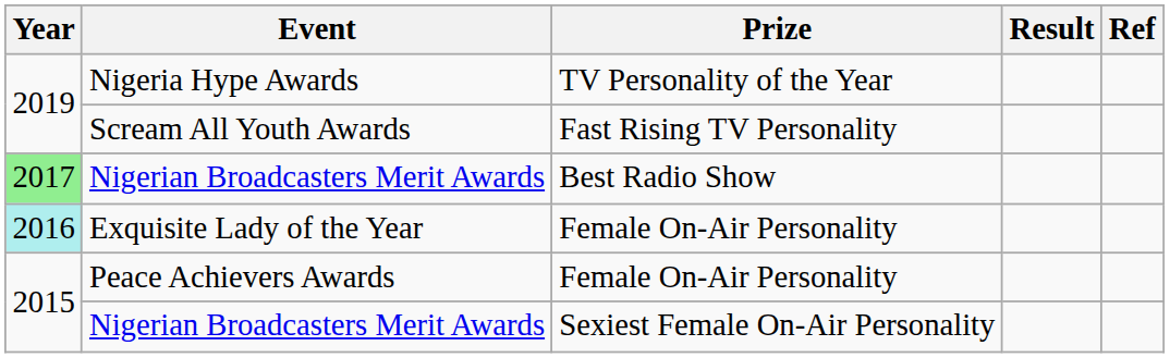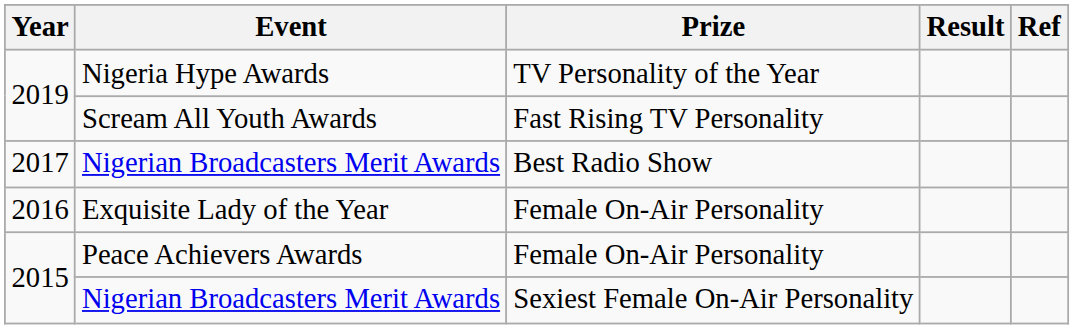 <table class ="wikitable">
 <tr>
 <th>Year</th>
 <th>Event</th>
 <th>Prize</th>
 <th>Result</th>
 <th>Ref</th>
 </tr>
 <tr>
 <td rowspan="2">2019</td>
 <td>Nigeria Hype Awards</td>
 <td>TV Personality of the Year</td>
 <td></td>
 <td></td>
 </tr>
 <tr>
 <td>Scream All Youth Awards</td>
 <td>Fast Rising TV Personality</td>
 <td></td>
 <td></td>
 </tr>
 <tr>
-<td style="background: lightgreen;">2017</td>
+<td>2017</td>
 <td><a href='#'>Nigerian Broadcasters Merit Awards</a></td>
 <td>Best Radio Show</td>
 <td></td>
 <td></td>
 </tr>
 <tr>
-<td style="background: paleturquoise;">2016</td>
+<td>2016</td>
 <td>Exquisite Lady of the Year</td>
 <td>Female On-Air Personality</td>
 <td></td>
 <td></td>
 </tr>
 <tr>
 <td rowspan="2">2015</td>
 <td>Peace Achievers Awards</td>
 <td>Female On-Air Personality</td>
 <td></td>
 <td></td>
 </tr>
 <tr>
 <td><a href='#'>Nigerian Broadcasters Merit Awards</a></td>
 <td>Sexiest Female On-Air Personality</td>
 <td></td>
 <td></td>
 </tr>
 </table>
